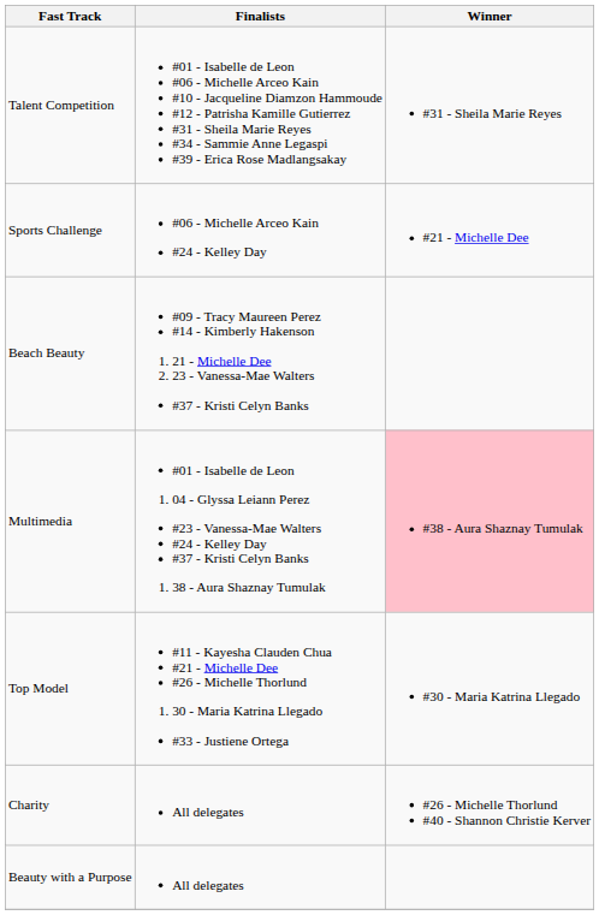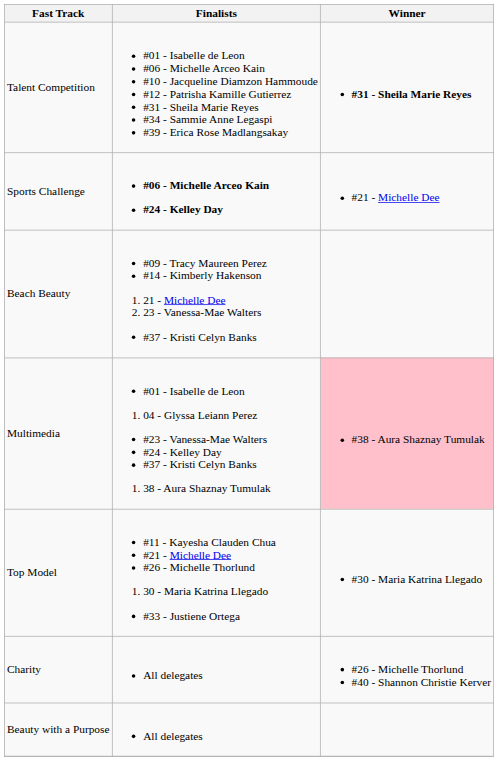 <table class="wikitable">
 <tr>
 <th>Fast Track</th>
 <th>Finalists</th>
 <th>Winner</th>
 </tr>
 <tr>
 <td>Talent Competition</td>
 <td><br><ul><li>#01 - Isabelle de Leon</li><li>#06 - Michelle Arceo Kain</li><li>#10 - Jacqueline Diamzon Hammoude</li><li>#12 - Patrisha Kamille Gutierrez</li><li>#31 - Sheila Marie Reyes</li><li>#34 - Sammie Anne Legaspi</li><li>#39 - Erica Rose Madlangsakay</li></ul></td>
-<td><br><ul><li>#31 - Sheila Marie Reyes</li></ul></td>
+<td><strong><br><ul><li>#31 - Sheila Marie Reyes</li></ul></strong></td>
 </tr>
 <tr>
 <td>Sports Challenge</td>
-<td><br><ul><li>#06 - Michelle Arceo Kain</li></ul><ul><li>#24 - Kelley Day</li></ul></td>
+<td><strong><br><ul><li>#06 - Michelle Arceo Kain</li></ul><ul><li>#24 - Kelley Day</li></ul></strong></td>
 <td><br><ul><li>#21 - <a href='#'>Michelle Dee</a></li></ul></td>
 </tr>
 <tr>
 <td>Beach Beauty</td>
 <td><br><ul><li>#09 - Tracy Maureen Perez</li><li>#14 - Kimberly Hakenson</li></ul><ol><li>21 - <a href='#'>Michelle Dee</a></li><li>23 - Vanessa-Mae Walters</li></ol><ul><li>#37 - Kristi Celyn Banks</li></ul></td>
 <td><br></td>
 </tr>
 <tr>
 <td>Multimedia</td>
 <td><br><ul><li>#01 - Isabelle de Leon</li></ul><ol><li>04 - Glyssa Leiann Perez</li></ol><ul><li>#23 - Vanessa-Mae Walters</li><li>#24 - Kelley Day</li><li>#37 - Kristi Celyn Banks</li></ul><ol><li>38 - Aura Shaznay Tumulak</li></ol></td>
 <td style="background: pink;"><br><ul><li>#38 - Aura Shaznay Tumulak</li></ul></td>
 </tr>
 <tr>
 <td>Top Model</td>
 <td><br><ul><li>#11 - Kayesha Clauden Chua</li><li>#21 - <a href='#'>Michelle Dee</a></li><li>#26 - Michelle Thorlund</li></ul><ol><li>30 - Maria Katrina Llegado</li></ol><ul><li>#33 - Justiene Ortega</li></ul></td>
 <td><br><ul><li>#30 - Maria Katrina Llegado</li></ul></td>
 </tr>
 <tr>
 <td>Charity</td>
 <td><br><ul><li>All delegates</li></ul></td>
 <td><br><ul><li>#26 - Michelle Thorlund</li><li>#40 - Shannon Christie Kerver</li></ul></td>
 </tr>
 <tr>
 <td>Beauty with a Purpose</td>
 <td><br><ul><li>All delegates</li></ul></td>
 <td><br></td>
 </tr>
 <tr>
 </tr>
 </table>
